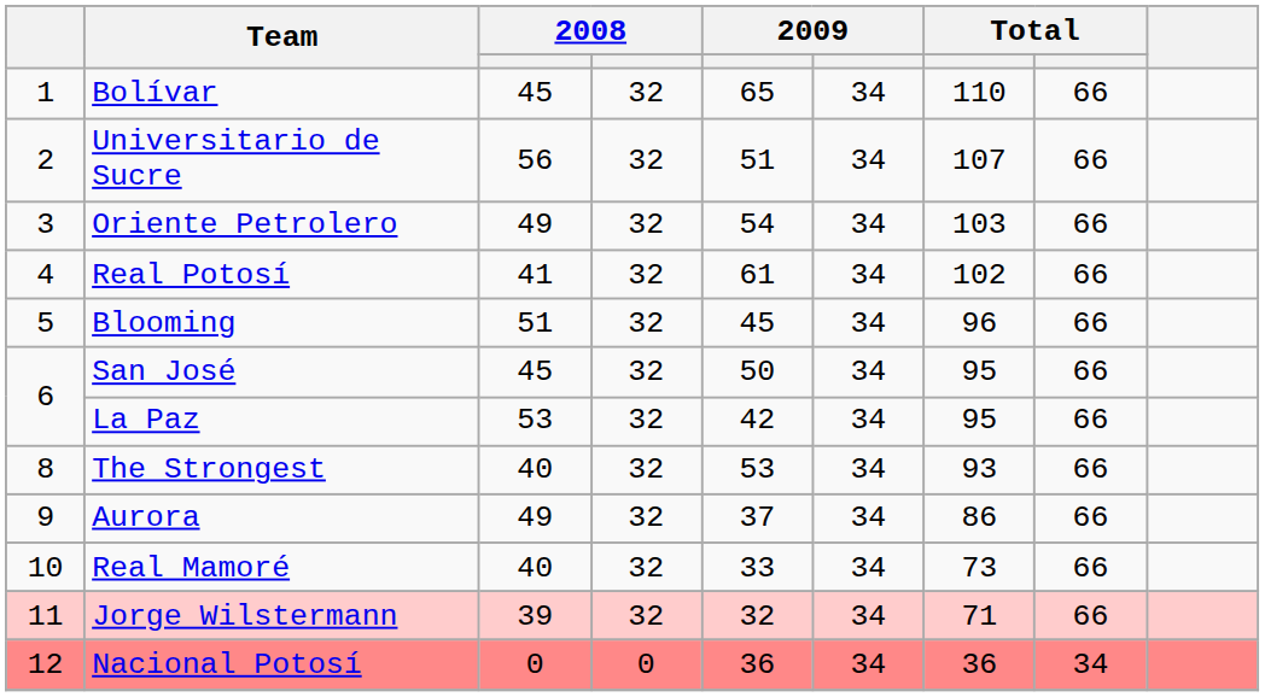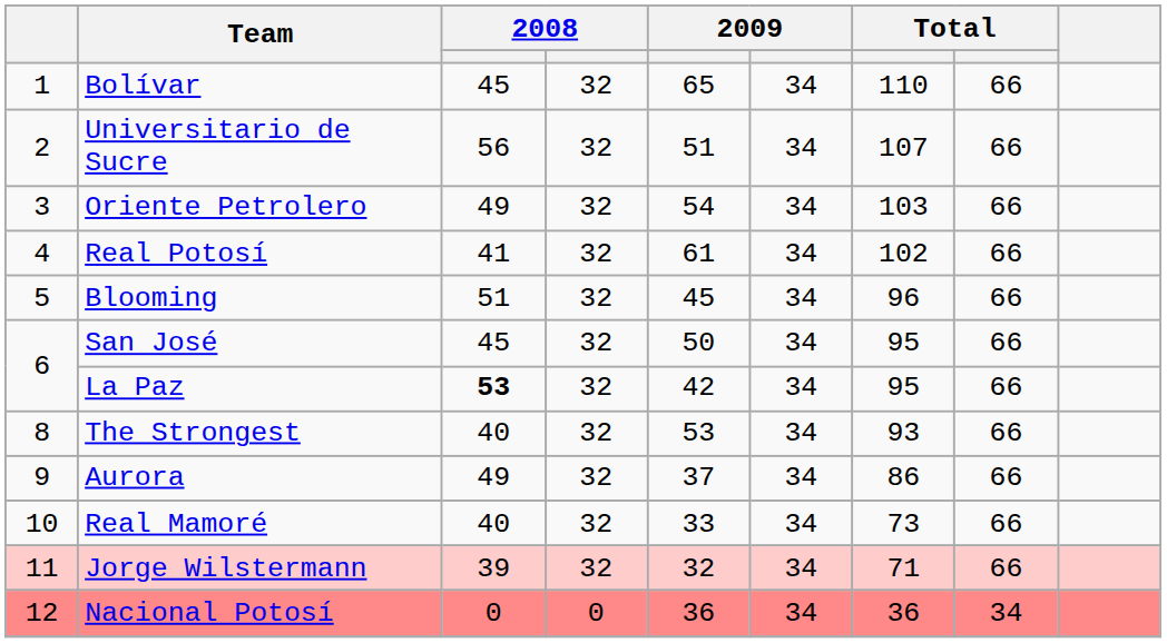 <table class="wikitable" border="1" style="text-align:center">
 <tr>
 <th rowspan="2" width=28></th>
 <th rowspan="2" width=165>Team</th>
 <th colspan="2"><a href='#'>2008</a></th>
 <th colspan="2">2009</th>
 <th colspan="2">Total</th>
 <th rowspan="2" width=42></th>
 </tr>
 <tr>
 <th width="42"></th>
 <th width="42"></th>
 <th width="42"></th>
 <th width="42"></th>
 <th width="42"></th>
 <th width="42"></th>
 </tr>
 <tr>
 <td>1</td>
 <td align=left><a href='#'>Bolívar</a></td>
 <td>45</td>
 <td>32</td>
 <td>65</td>
 <td>34</td>
 <td>110</td>
 <td>66</td>
 <td><strong></strong></td>
 </tr>
 <tr>
 <td>2</td>
 <td align=left><a href='#'>Universitario de Sucre</a></td>
 <td>56</td>
 <td>32</td>
 <td>51</td>
 <td>34</td>
 <td>107</td>
 <td>66</td>
 <td><strong></strong></td>
 </tr>
 <tr>
 <td>3</td>
 <td align=left><a href='#'>Oriente Petrolero</a></td>
 <td>49</td>
 <td>32</td>
 <td>54</td>
 <td>34</td>
 <td>103</td>
 <td>66</td>
 <td><strong></strong></td>
 </tr>
 <tr>
 <td>4</td>
 <td align=left><a href='#'>Real Potosí</a></td>
 <td>41</td>
 <td>32</td>
 <td>61</td>
 <td>34</td>
 <td>102</td>
 <td>66</td>
 <td><strong></strong></td>
 </tr>
 <tr>
 <td>5</td>
 <td align=left><a href='#'>Blooming</a></td>
 <td>51</td>
 <td>32</td>
 <td>45</td>
 <td>34</td>
 <td>96</td>
 <td>66</td>
 <td><strong></strong></td>
 </tr>
 <tr>
 <td rowspan=2>6</td>
 <td align=left><a href='#'>San José</a></td>
 <td>45</td>
 <td>32</td>
 <td>50</td>
 <td>34</td>
 <td>95</td>
 <td>66</td>
 <td><strong></strong></td>
 </tr>
 <tr>
 <td align=left><a href='#'>La Paz</a></td>
-<td>53</td>
+<td><strong>53</strong></td>
 <td>32</td>
 <td>42</td>
 <td>34</td>
 <td>95</td>
 <td>66</td>
 <td><strong></strong></td>
 </tr>
 <tr>
 <td>8</td>
 <td align=left><a href='#'>The Strongest</a></td>
 <td>40</td>
 <td>32</td>
 <td>53</td>
 <td>34</td>
 <td>93</td>
 <td>66</td>
 <td><strong></strong></td>
 </tr>
 <tr>
 <td>9</td>
 <td align=left><a href='#'>Aurora</a></td>
 <td>49</td>
 <td>32</td>
 <td>37</td>
 <td>34</td>
 <td>86</td>
 <td>66</td>
 <td><strong></strong></td>
 </tr>
 <tr>
 <td>10</td>
 <td align=left><a href='#'>Real Mamoré</a></td>
 <td>40</td>
 <td>32</td>
 <td>33</td>
 <td>34</td>
 <td>73</td>
 <td>66</td>
 <td><strong></strong></td>
 </tr>
 <tr bgcolor=#FFCCCC>
 <td>11</td>
 <td align=left><a href='#'>Jorge Wilstermann</a></td>
 <td>39</td>
 <td>32</td>
 <td>32</td>
 <td>34</td>
 <td>71</td>
 <td>66</td>
 <td><strong></strong></td>
 </tr>
 <tr bgcolor=#FF8888>
 <td>12</td>
 <td align=left><a href='#'>Nacional Potosí</a></td>
 <td>0</td>
 <td>0</td>
 <td>36</td>
 <td>34</td>
 <td>36</td>
 <td>34</td>
 <td><strong></strong></td>
 </tr>
 <tr>
 </tr>
 </table>
